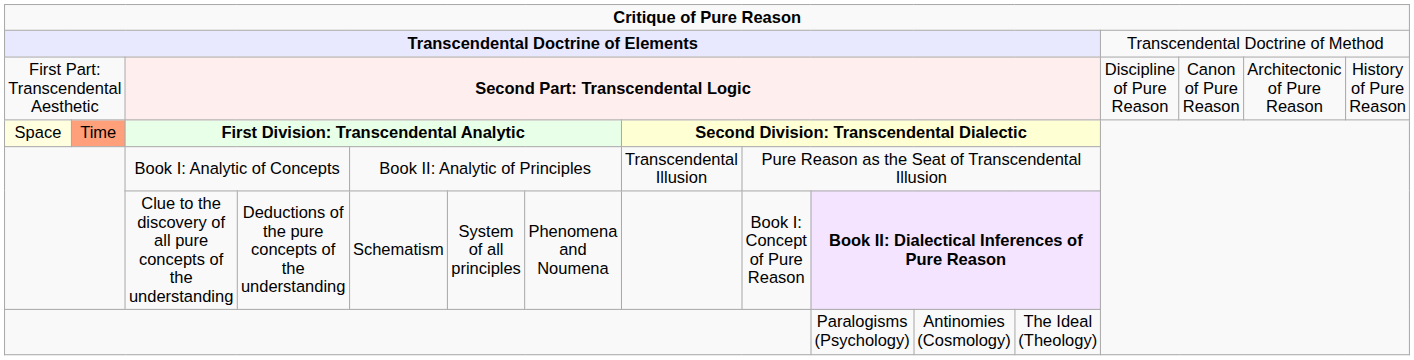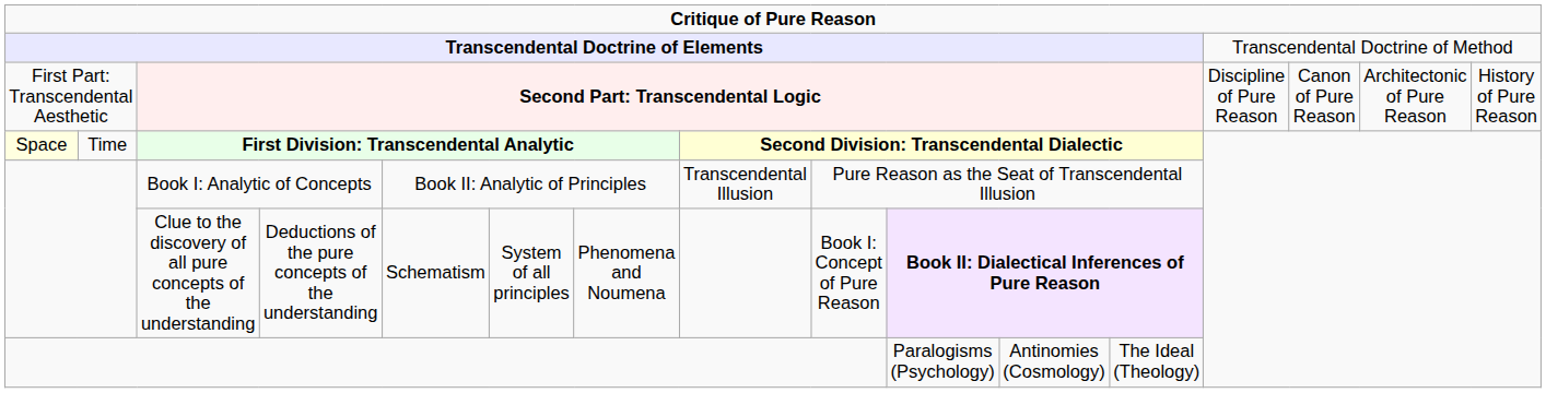 <table class="wikitable" style="text-align:center">
 <tr>
 <td colspan="16"><strong>Critique of Pure Reason</strong></td>
 </tr>
 <tr>
 <td colspan="12" bgcolor="#e8e8ff"><strong>Transcendental Doctrine of Elements</strong></td>
 <td colspan="4">Transcendental Doctrine of Method</td>
 </tr>
 <tr>
 <td colspan="2">First Part: Transcendental Aesthetic</td>
 <td colspan="10" bgcolor="#ffeeee"><strong>Second Part: Transcendental Logic</strong></td>
 <td>Discipline of Pure Reason</td>
 <td>Canon of Pure Reason</td>
 <td>Architectonic of Pure Reason</td>
 <td>History of Pure Reason</td>
 </tr>
 <tr>
 <td style="background: lightyellow;">Space</td>
-<td style="background: lightsalmon;">Time</td>
+<td>Time</td>
 <td colspan="5" bgcolor="#e8ffe8"><strong>First Division: Transcendental Analytic</strong></td>
 <td colspan="5" bgcolor="#ffffd4"><strong>Second Division: Transcendental Dialectic</strong></td>
 <td colspan="4" rowspan="4"></td>
 </tr>
 <tr>
 <td colspan="2" rowspan="2"></td>
 <td colspan="2">Book I: Analytic of Concepts</td>
 <td colspan="3">Book II: Analytic of Principles</td>
 <td colspan="1">Transcendental Illusion</td>
 <td colspan="4">Pure Reason as the Seat of Transcendental Illusion</td>
 </tr>
 <tr>
 <td>Clue to the discovery of all pure concepts of the understanding</td>
 <td>Deductions of the pure concepts of the understanding</td>
 <td>Schematism</td>
 <td>System of all principles</td>
 <td>Phenomena and Noumena</td>
 <td colspan="1"></td>
 <td>Book I: Concept of Pure Reason</td>
 <td colspan="3" bgcolor="#f4e4ff"><strong>Book II: Dialectical Inferences of Pure Reason</strong></td>
 </tr>
 <tr>
 <td colspan="9"></td>
 <td>Paralogisms (Psychology)</td>
 <td>Antinomies (Cosmology)</td>
 <td>The Ideal (Theology)</td>
 </tr>
 </table>
